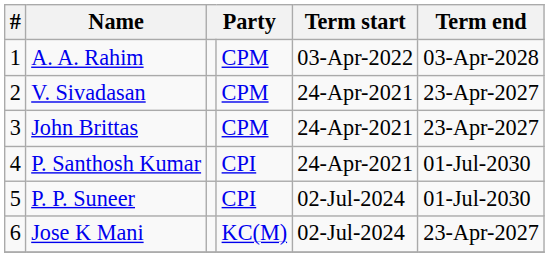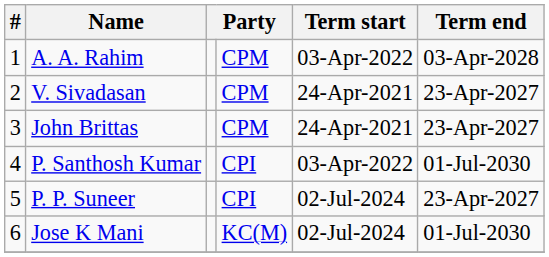 <table class="wikitable sortable">
 <tr>
 <th>#</th>
 <th>Name</th>
 <th colspan="2">Party</th>
 <th>Term start</th>
 <th>Term end</th>
 </tr>
 <tr>
 <td>1</td>
 <td><a href='#'>A. A. Rahim</a></td>
 <td style="background-color: "></td>
 <td><a href='#'>CPM</a></td>
 <td>03-Apr-2022</td>
 <td>03-Apr-2028</td>
 </tr>
 <tr>
 <td>2</td>
 <td><a href='#'>V. Sivadasan</a></td>
 <td style="background-color: "></td>
 <td><a href='#'>CPM</a></td>
 <td>24-Apr-2021</td>
 <td>23-Apr-2027</td>
 </tr>
 <tr>
 <td>3</td>
 <td><a href='#'>John Brittas</a></td>
 <td style="background-color: "></td>
 <td><a href='#'>CPM</a></td>
 <td>24-Apr-2021</td>
 <td>23-Apr-2027</td>
 </tr>
 <tr>
 <td>4</td>
 <td><a href='#'>P. Santhosh Kumar</a></td>
 <td style="background-color: "></td>
 <td><a href='#'>CPI</a></td>
-<td>24-Apr-2021</td>
+<td>03-Apr-2022</td>
 <td>01-Jul-2030</td>
 </tr>
 <tr>
 <td>5</td>
 <td><a href='#'>P. P. Suneer</a></td>
 <td style="background-color: "></td>
 <td><a href='#'>CPI</a></td>
 <td>02-Jul-2024</td>
-<td>01-Jul-2030</td>
+<td>23-Apr-2027</td>
 </tr>
 <tr>
 <td>6</td>
 <td><a href='#'>Jose K Mani</a></td>
 <td style="background-color: "></td>
 <td><a href='#'>KC(M)</a></td>
 <td>02-Jul-2024</td>
-<td>23-Apr-2027</td>
+<td>01-Jul-2030</td>
 </tr>
 <tr>
 </tr>
 </table>
